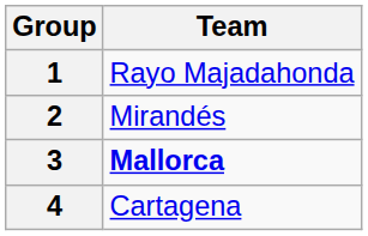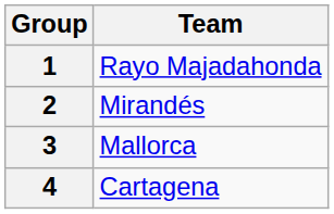 <table class="wikitable">
 <tr>
 <th>Group</th>
 <th>Team</th>
 </tr>
 <tr>
 <th>1</th>
 <td><a href='#'>Rayo Majadahonda</a></td>
 </tr>
 <tr>
 <th>2</th>
 <td><a href='#'>Mirandés</a></td>
 </tr>
 <tr>
 <th>3</th>
-<td><strong><a href='#'>Mallorca</a></strong></td>
+<td><a href='#'>Mallorca</a></td>
 </tr>
 <tr>
 <th>4</th>
 <td><a href='#'>Cartagena</a></td>
 </tr>
 </table>
